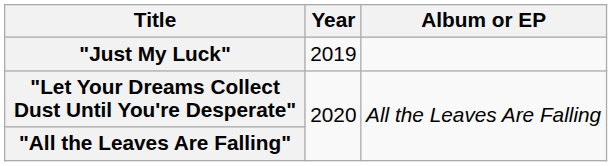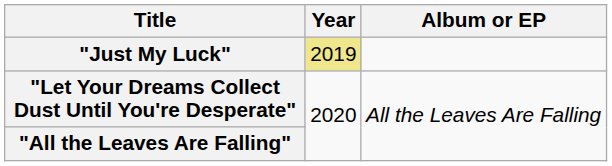 <table class="wikitable plainrowheaders" style="text-align:center;">
 <tr>
 <th scope="col" style="width:14em;">Title</th>
 <th scope="col">Year</th>
 <th scope="col">Album or EP</th>
 </tr>
 <tr>
 <th scope="row">"Just My Luck"<br></th>
-<td>2019</td>
+<td style="background: khaki;">2019</td>
 <td></td>
 </tr>
 <tr>
 <th scope="row">"Let Your Dreams Collect Dust Until You're Desperate"<br></th>
 <td rowspan="2">2020</td>
 <td rowspan="2"><em>All the Leaves Are Falling</em></td>
 </tr>
 <tr>
 <th scope="row">"All the Leaves Are Falling"<br></th>
 </tr>
 </table>
